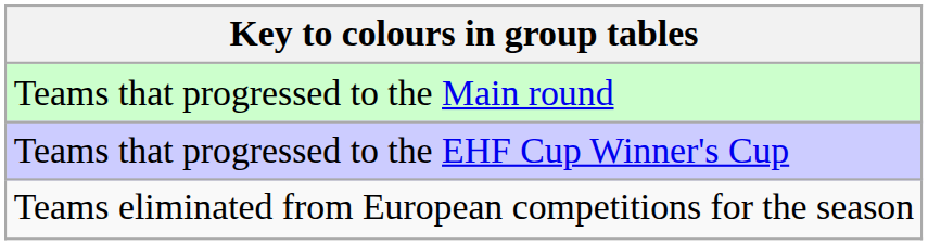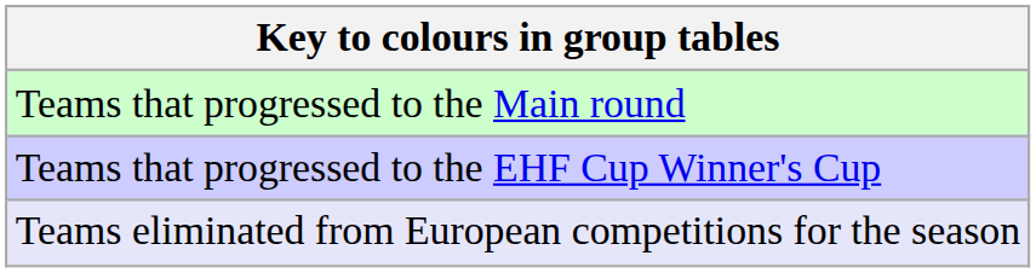 <table class="wikitable">
 <tr>
 <th>Key to colours in group tables</th>
 </tr>
 <tr bgcolor=#ccffcc>
 <td>Teams that progressed to the <a href='#'>Main round</a></td>
 </tr>
 <tr bgcolor=#ccccff>
 <td>Teams that progressed to the <a href='#'>EHF Cup Winner's Cup</a></td>
 </tr>
 <tr>
-<td>Teams eliminated from European competitions for the season</td>
+<td style="background: lavender;">Teams eliminated from European competitions for the season</td>
 </tr>
 </table>
